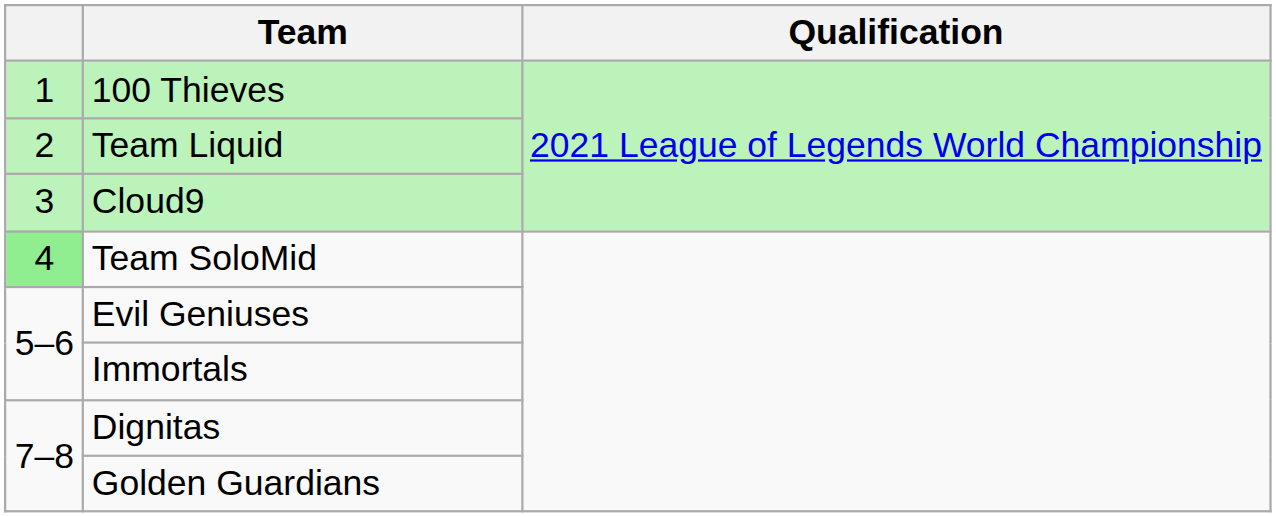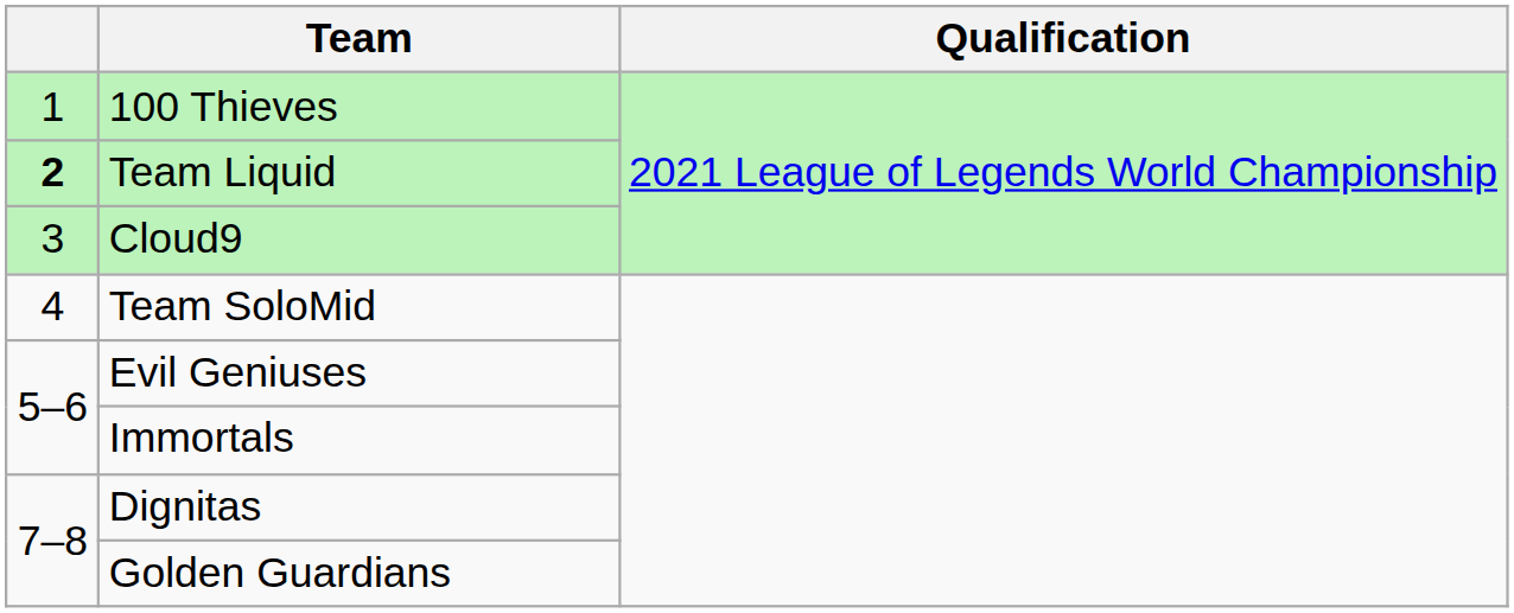 <table class="wikitable" style="text-align:center">
 <tr>
 <th width=28></th>
 <th width=190>Team</th>
 <th>Qualification</th>
 </tr>
 <tr style="background-color:#BBF3BB;">
 <td>1</td>
 <td style="text-align:left">100 Thieves</td>
 <td rowspan="3"><a href='#'>2021 League of Legends World Championship</a></td>
 </tr>
 <tr style="background-color:#BBF3BB;">
-<td>2</td>
+<td><strong>2</strong></td>
 <td style="text-align:left">Team Liquid</td>
 </tr>
 <tr style="background-color:#BBF3BB;">
 <td>3</td>
 <td style="text-align:left">Cloud9</td>
 </tr>
 <tr>
-<td style="background: lightgreen;">4</td>
+<td>4</td>
 <td style="text-align:left">Team SoloMid</td>
 <td rowspan="5"></td>
 </tr>
 <tr>
 <td rowspan="2">5–6</td>
 <td style="text-align:left">Evil Geniuses</td>
 </tr>
 <tr>
 <td style="text-align:left">Immortals</td>
 </tr>
 <tr>
 <td rowspan="2">7–8</td>
 <td style="text-align:left">Dignitas</td>
 </tr>
 <tr>
 <td style="text-align:left">Golden Guardians</td>
 </tr>
 </table>
